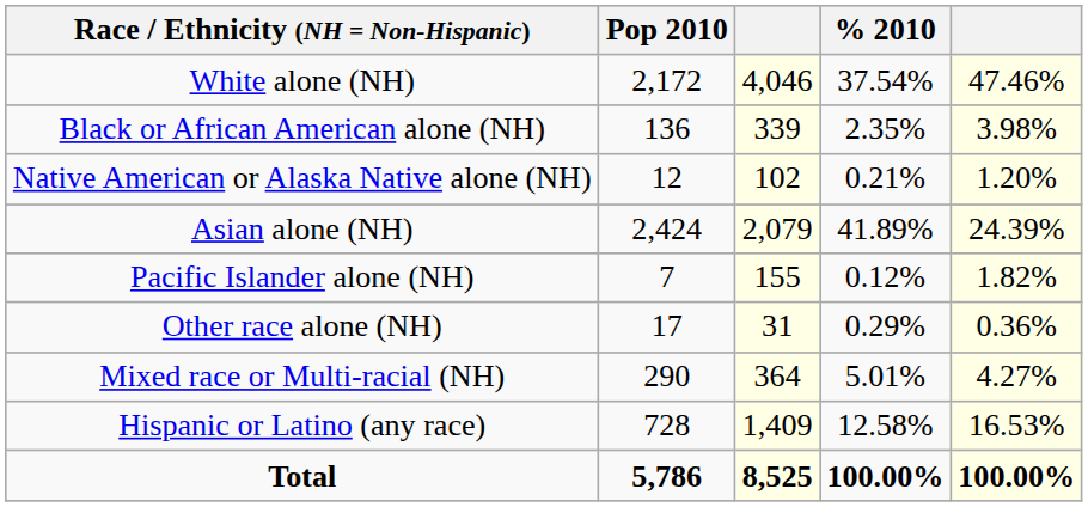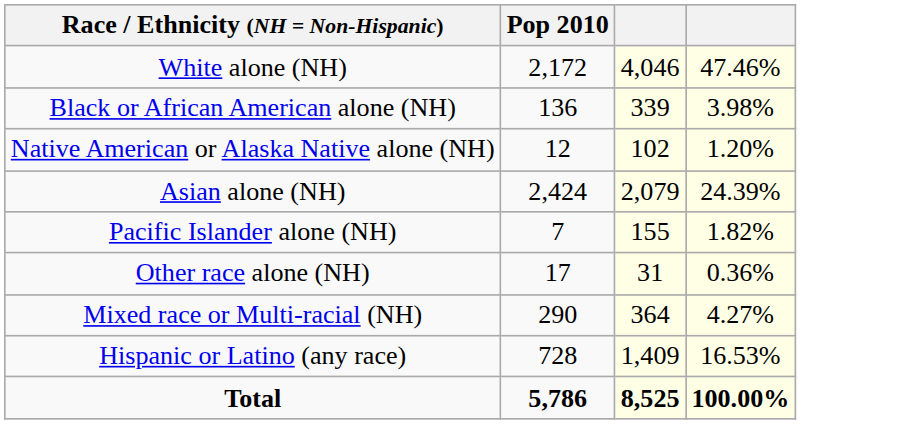 <table class="wikitable" style="text-align:center;">
 <tr>
 <th>Race / Ethnicity <small>(<em>NH = Non-Hispanic</em>)</small></th>
 <th>Pop 2010</th>
 <th></th>
-<th>% 2010</th>
 <th></th>
 </tr>
 <tr>
 <td><a href='#'>White</a> alone (NH)</td>
 <td>2,172</td>
 <td style='background: #ffffe6;'>4,046</td>
-<td>37.54%</td>
 <td style='background: #ffffe6;'>47.46%</td>
 </tr>
 <tr>
 <td><a href='#'>Black or African American</a> alone (NH)</td>
 <td>136</td>
 <td style='background: #ffffe6;'>339</td>
-<td>2.35%</td>
 <td style='background: #ffffe6;'>3.98%</td>
 </tr>
 <tr>
 <td><a href='#'>Native American</a> or <a href='#'>Alaska Native</a> alone (NH)</td>
 <td>12</td>
 <td style='background: #ffffe6;'>102</td>
-<td>0.21%</td>
 <td style='background: #ffffe6;'>1.20%</td>
 </tr>
 <tr>
 <td><a href='#'>Asian</a> alone (NH)</td>
 <td>2,424</td>
 <td style='background: #ffffe6;'>2,079</td>
-<td>41.89%</td>
 <td style='background: #ffffe6;'>24.39%</td>
 </tr>
 <tr>
 <td><a href='#'>Pacific Islander</a> alone (NH)</td>
 <td>7</td>
 <td style='background: #ffffe6;'>155</td>
-<td>0.12%</td>
 <td style='background: #ffffe6;'>1.82%</td>
 </tr>
 <tr>
 <td><a href='#'>Other race</a> alone (NH)</td>
 <td>17</td>
 <td style='background: #ffffe6;'>31</td>
-<td>0.29%</td>
 <td style='background: #ffffe6;'>0.36%</td>
 </tr>
 <tr>
 <td><a href='#'>Mixed race or Multi-racial</a> (NH)</td>
 <td>290</td>
 <td style='background: #ffffe6;'>364</td>
-<td>5.01%</td>
 <td style='background: #ffffe6;'>4.27%</td>
 </tr>
 <tr>
 <td><a href='#'>Hispanic or Latino</a> (any race)</td>
 <td>728</td>
 <td style='background: #ffffe6;'>1,409</td>
-<td>12.58%</td>
 <td style='background: #ffffe6;'>16.53%</td>
 </tr>
 <tr>
 <td><strong>Total</strong></td>
 <td><strong>5,786</strong></td>
 <td style='background: #ffffe6;'><strong>8,525</strong></td>
-<td><strong>100.00%</strong></td>
 <td style='background: #ffffe6;'><strong>100.00%</strong></td>
 </tr>
 </table>
